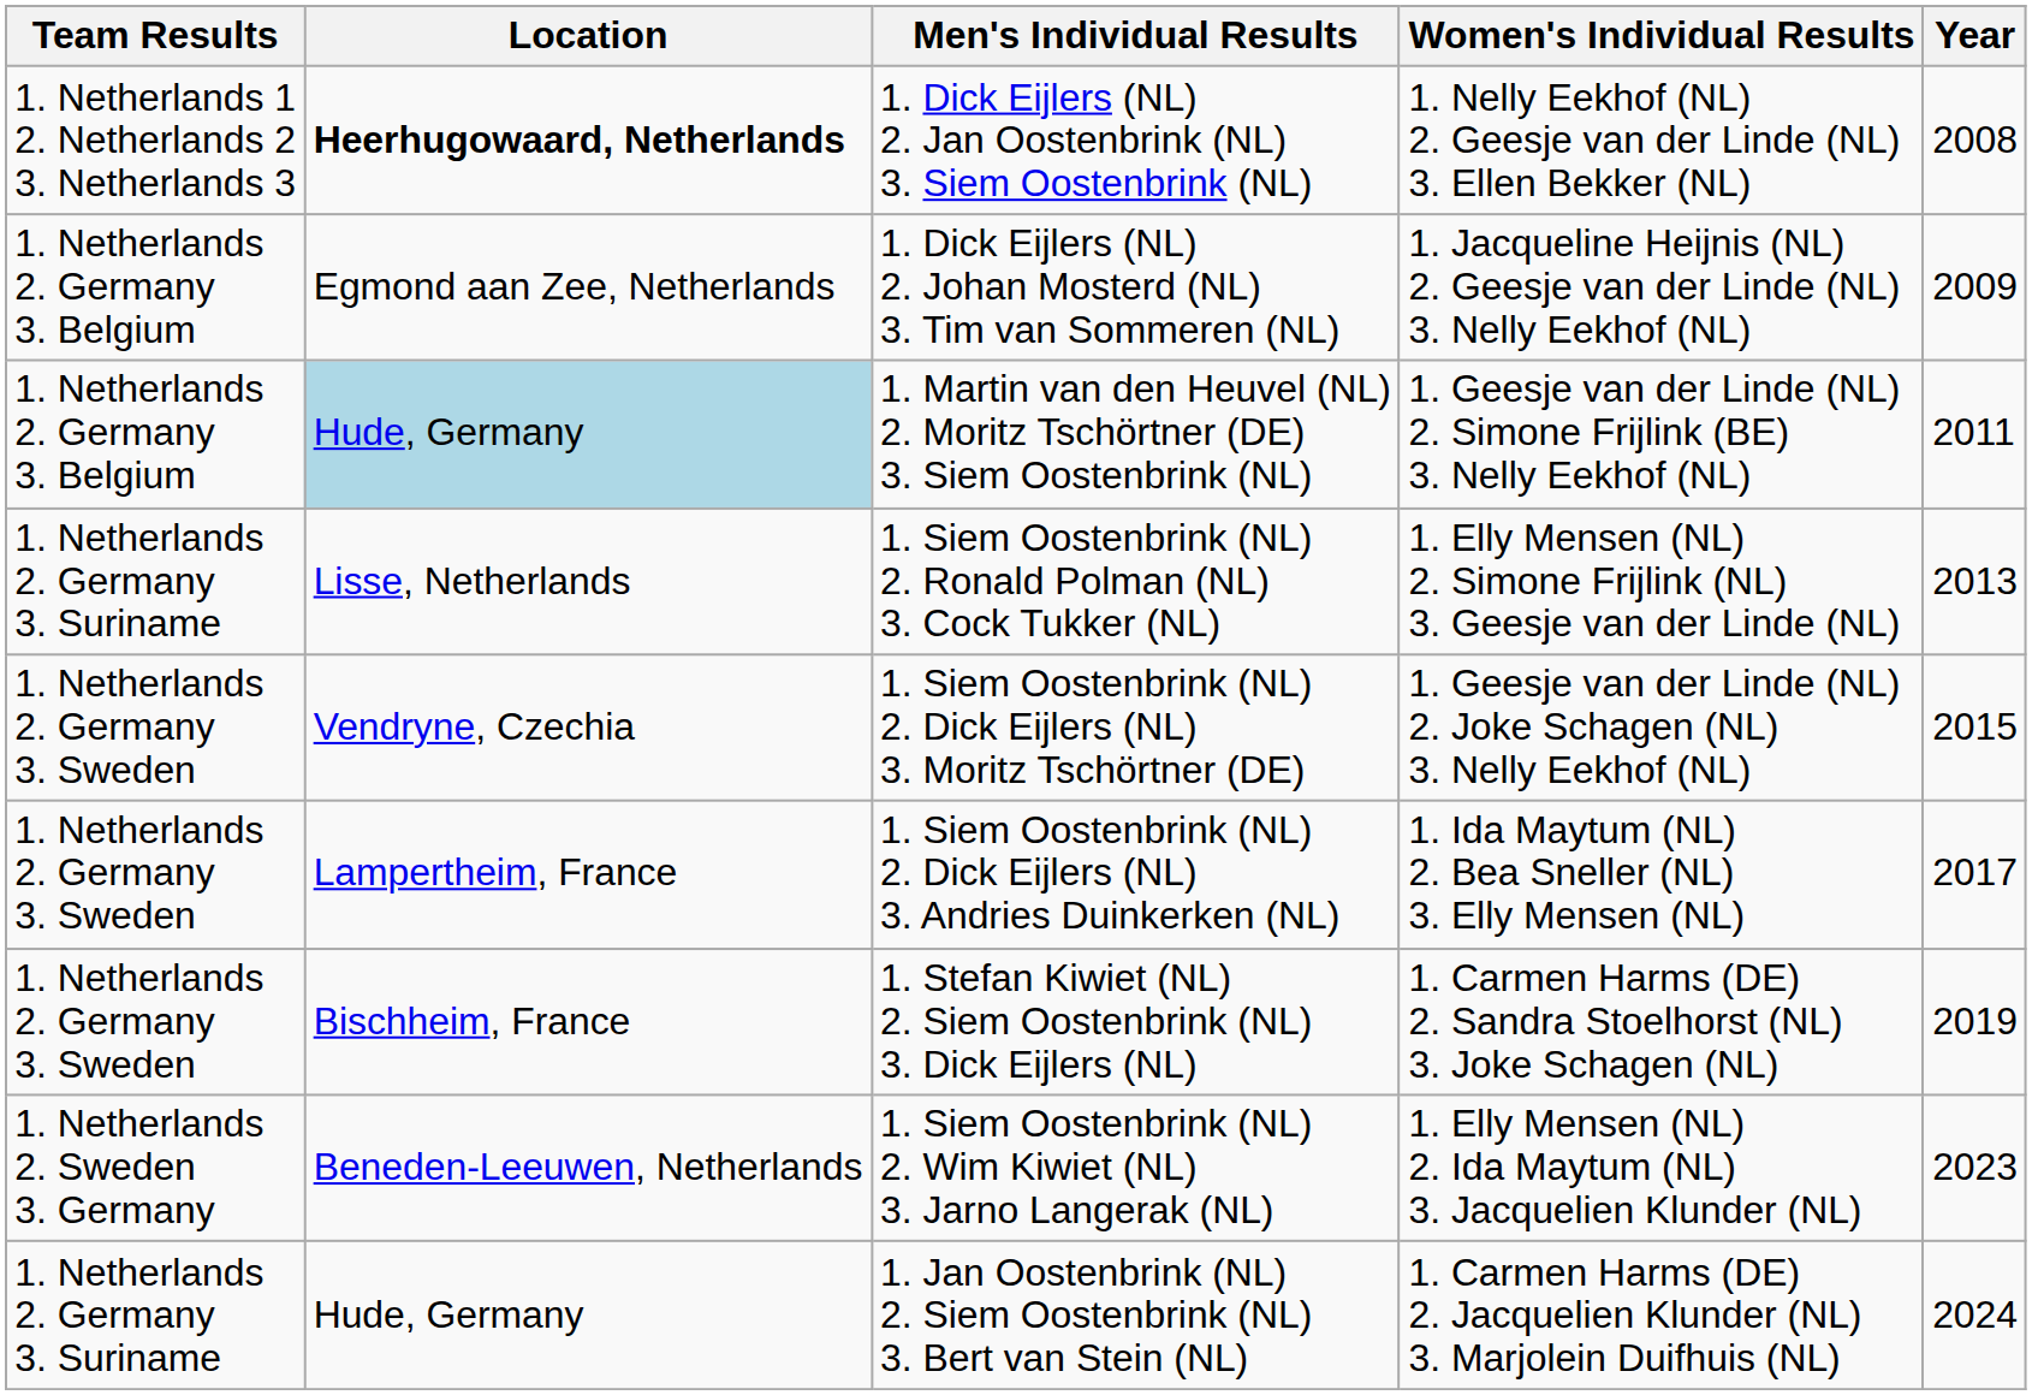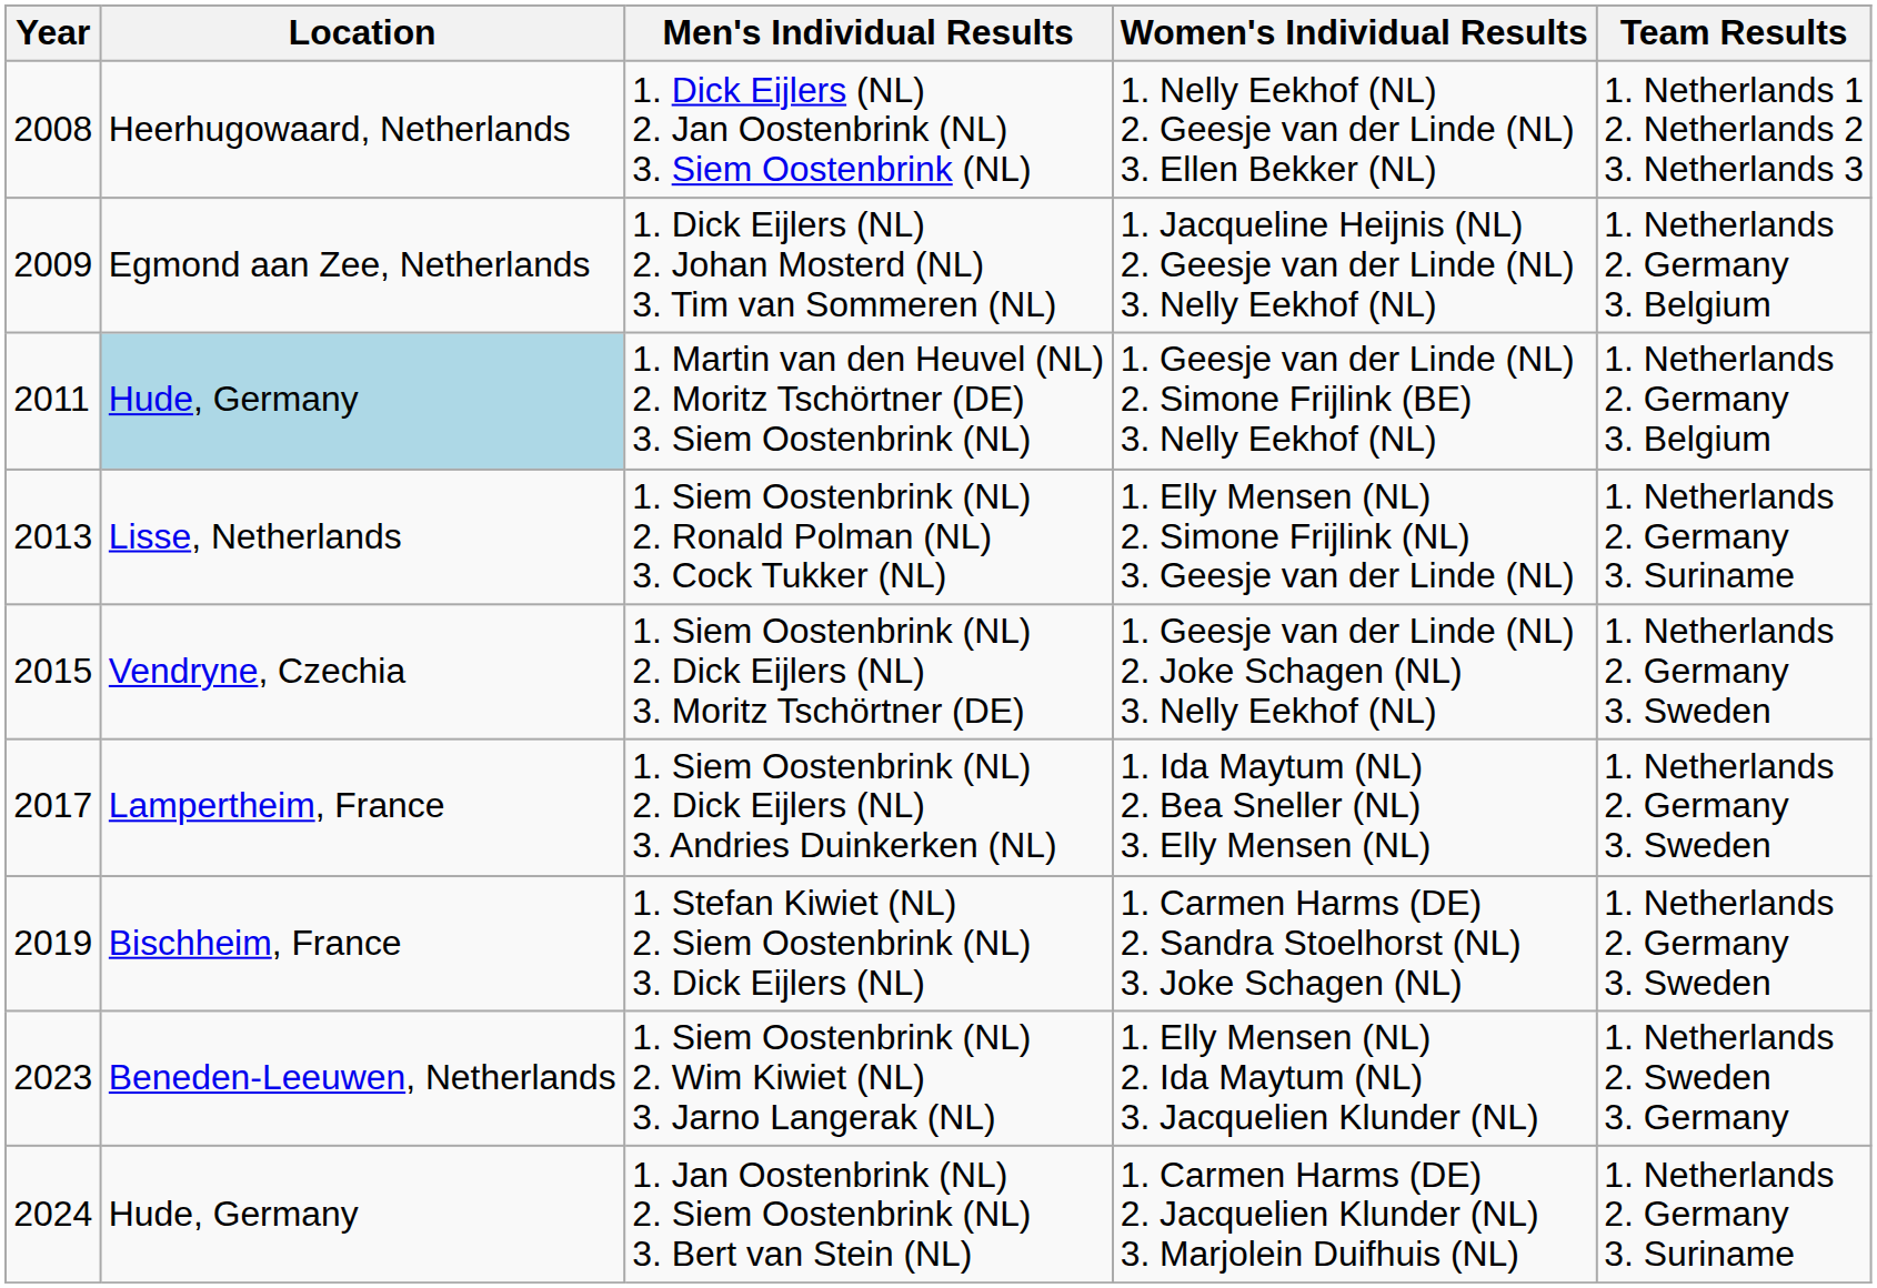 <table class="wikitable">
 <tr>
-<th>Team Results</th>
+<th>Year</th>
 <th>Location</th>
 <th>Men's Individual Results</th>
 <th>Women's Individual Results</th>
-<th>Year</th>
+<th>Team Results</th>
 </tr>
 <tr>
-<td>1. Netherlands 1<br>2. Netherlands 2<br>3. Netherlands 3</td>
-<td><strong>Heerhugowaard, Netherlands</strong></td>
+<td>2008</td>
+<td>Heerhugowaard, Netherlands</td>
 <td>1. <a href='#'>Dick Eijlers</a> (NL)<br>2. Jan Oostenbrink (NL)<br>3. <a href='#'>Siem Oostenbrink</a> (NL)</td>
 <td>1. Nelly Eekhof (NL)<br>2. Geesje van der Linde (NL)<br>3. Ellen Bekker (NL)</td>
-<td>2008</td>
+<td>1. Netherlands 1<br>2. Netherlands 2<br>3. Netherlands 3</td>
 </tr>
 <tr>
-<td>1. Netherlands<br>2. Germany<br>3. Belgium</td>
+<td>2009</td>
 <td>Egmond aan Zee, Netherlands</td>
 <td>1. Dick Eijlers (NL)<br>2. Johan Mosterd (NL)<br>3. Tim van Sommeren (NL)</td>
 <td>1. Jacqueline Heijnis (NL)<br>2. Geesje van der Linde (NL)<br>3. Nelly Eekhof (NL)</td>
-<td>2009</td>
+<td>1. Netherlands<br>2. Germany<br>3. Belgium</td>
 </tr>
 <tr>
-<td>1. Netherlands<br>2. Germany<br>3. Belgium</td>
+<td>2011</td>
 <td style="background: lightblue;"><a href='#'>Hude</a>, Germany</td>
 <td>1. Martin van den Heuvel (NL)<br>2. Moritz Tschörtner (DE)<br>3. Siem Oostenbrink (NL)</td>
 <td>1. Geesje van der Linde (NL)<br>2. Simone Frijlink (BE)<br>3. Nelly Eekhof (NL)</td>
-<td>2011</td>
+<td>1. Netherlands<br>2. Germany<br>3. Belgium</td>
 </tr>
 <tr>
-<td>1. Netherlands<br>2. Germany<br>3. Suriname</td>
+<td>2013</td>
 <td><a href='#'>Lisse</a>, Netherlands</td>
 <td>1. Siem Oostenbrink (NL)<br>2. Ronald Polman (NL)<br>3. Cock Tukker (NL)</td>
 <td>1. Elly Mensen (NL)<br>2. Simone Frijlink (NL)<br>3. Geesje van der Linde (NL)</td>
-<td>2013</td>
+<td>1. Netherlands<br>2. Germany<br>3. Suriname</td>
 </tr>
 <tr>
-<td>1. Netherlands<br>2. Germany<br>3. Sweden</td>
+<td>2015</td>
 <td><a href='#'>Vendryne</a>, Czechia</td>
 <td>1. Siem Oostenbrink (NL)<br>2. Dick Eijlers (NL)<br>3. Moritz Tschörtner (DE)</td>
 <td>1. Geesje van der Linde (NL)<br>2. Joke Schagen (NL)<br>3. Nelly Eekhof (NL)</td>
-<td>2015</td>
+<td>1. Netherlands<br>2. Germany<br>3. Sweden</td>
 </tr>
 <tr>
-<td>1. Netherlands<br>2. Germany<br>3. Sweden</td>
+<td>2017</td>
 <td><a href='#'>Lampertheim</a>, France</td>
 <td>1. Siem Oostenbrink (NL)<br>2. Dick Eijlers (NL)<br>3. Andries Duinkerken (NL)</td>
 <td>1. Ida Maytum (NL)<br>2. Bea Sneller (NL)<br>3. Elly Mensen (NL)</td>
-<td>2017</td>
+<td>1. Netherlands<br>2. Germany<br>3. Sweden</td>
 </tr>
 <tr>
-<td>1. Netherlands<br>2. Germany<br>3. Sweden</td>
+<td>2019</td>
 <td><a href='#'>Bischheim</a>, France</td>
 <td>1. Stefan Kiwiet (NL)<br>2. Siem Oostenbrink (NL)<br>3. Dick Eijlers (NL)</td>
 <td>1. Carmen Harms (DE)<br>2. Sandra Stoelhorst (NL)<br>3. Joke Schagen (NL)</td>
-<td>2019</td>
+<td>1. Netherlands<br>2. Germany<br>3. Sweden</td>
 </tr>
 <tr>
-<td>1. Netherlands<br>2. Sweden<br>3. Germany</td>
+<td>2023</td>
 <td><a href='#'>Beneden-Leeuwen</a>, Netherlands</td>
 <td>1. Siem Oostenbrink (NL)<br>2. Wim Kiwiet (NL)<br>3. Jarno Langerak (NL)</td>
 <td>1. Elly Mensen (NL)<br>2. Ida Maytum (NL)<br>3. Jacquelien Klunder (NL)</td>
-<td>2023</td>
+<td>1. Netherlands<br>2. Sweden<br>3. Germany</td>
 </tr>
 <tr>
-<td>1. Netherlands<br>2. Germany<br>3. Suriname</td>
+<td>2024</td>
 <td>Hude, Germany</td>
 <td>1. Jan Oostenbrink (NL)<br>2. Siem Oostenbrink (NL)<br>3. Bert van Stein (NL)</td>
 <td>1. Carmen Harms (DE)<br>2. Jacquelien Klunder (NL)<br>3.  Marjolein Duifhuis (NL)</td>
-<td>2024</td>
+<td>1. Netherlands<br>2. Germany<br>3. Suriname</td>
 </tr>
 </table>
